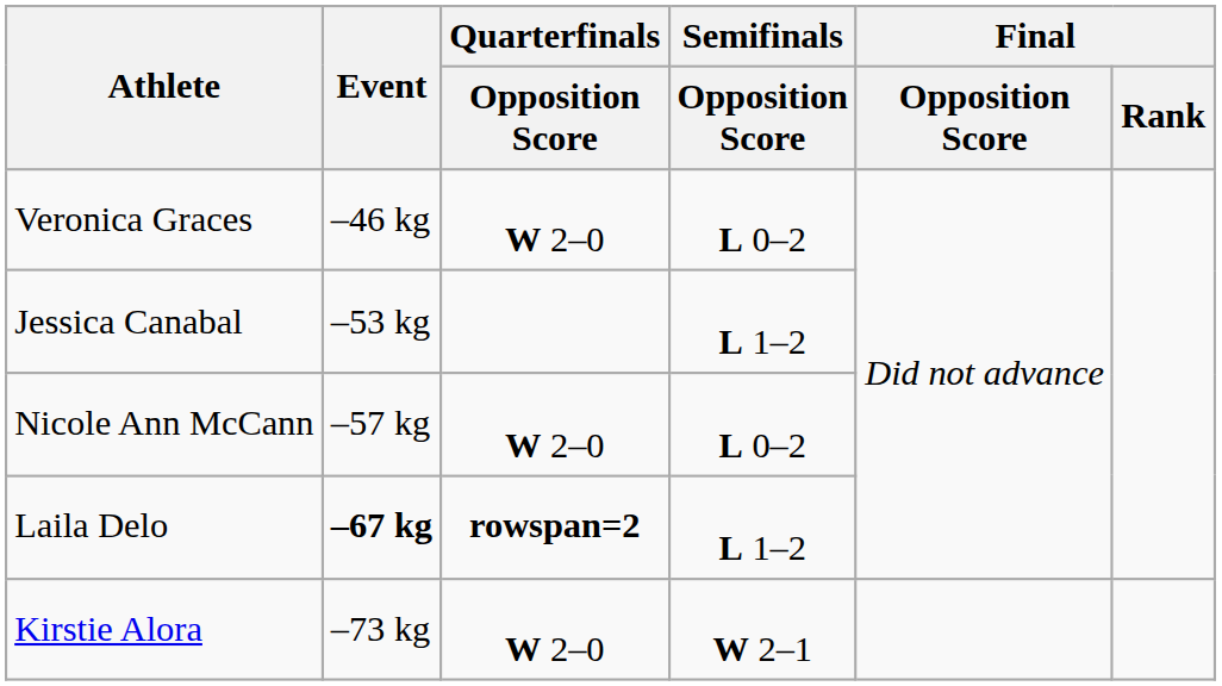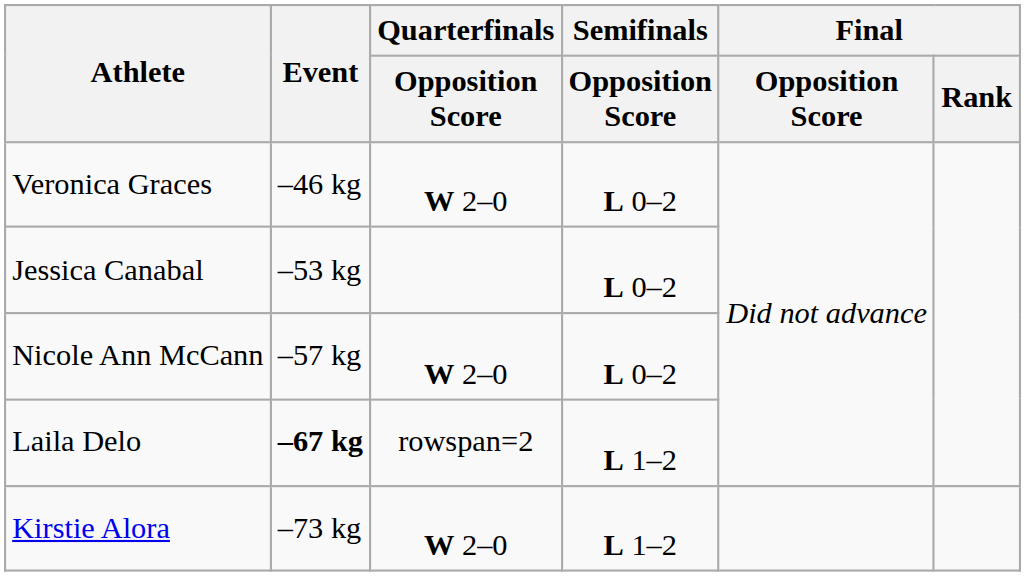 <table class="wikitable" style="font-size:90%">
 <tr>
 <th rowspan=2>Athlete</th>
 <th rowspan=2>Event</th>
 <th>Quarterfinals</th>
 <th>Semifinals</th>
 <th colspan=2>Final</th>
 </tr>
 <tr style="font-size:95">
 <th>Opposition<br>Score</th>
 <th>Opposition<br>Score</th>
 <th>Opposition<br>Score</th>
 <th>Rank</th>
 </tr>
 <tr align=center>
 <td align=left>Veronica Graces</td>
 <td align=left>–46 kg</td>
 <td><br><strong>W</strong> 2–0</td>
 <td><br><strong>L</strong> 0–2</td>
 <td rowspan=4><em>Did not advance</em></td>
 <td rowspan=4></td>
 </tr>
 <tr align=center>
 <td align=left>Jessica Canabal</td>
 <td align=left>–53 kg</td>
 <td></td>
-<td><br><strong>L</strong> 1–2</td>
+<td><br><strong>L</strong> 0–2</td>
 </tr>
 <tr align=center>
 <td align=left>Nicole Ann McCann</td>
 <td align=left>–57 kg</td>
 <td><br><strong>W</strong> 2–0</td>
 <td><br><strong>L</strong> 0–2</td>
 </tr>
 <tr align=center>
 <td align=left>Laila Delo</td>
 <td align=left><strong>–67 kg</strong></td>
-<td><strong>rowspan=2 </strong></td>
+<td>rowspan=2 </td>
 <td><br><strong>L</strong> 1–2</td>
 </tr>
 <tr align=center>
 <td align=left><a href='#'>Kirstie Alora</a></td>
 <td align=left>–73 kg</td>
 <td><br><strong>W</strong> 2–0</td>
-<td><br><strong>W</strong> 2–1</td>
+<td><br><strong>L</strong> 1–2</td>
 <td></td>
 </tr>
 </table>
